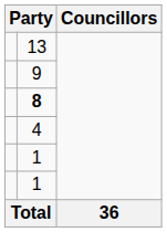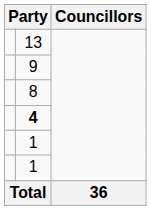 <table class="wikitable">
 <tr>
 <th colspan=2>Party</th>
 <th>Councillors</th>
 </tr>
 <tr>
 <td></td>
 <td align=center>13</td>
 </tr>
 <tr>
 <td></td>
 <td align=center>9</td>
 </tr>
 <tr>
 <td></td>
-<td align=center><strong>8</strong></td>
+<td align=center>8</td>
 </tr>
 <tr>
 <td></td>
-<td align=center>4</td>
+<td align=center><strong>4</strong></td>
 </tr>
 <tr>
 <td></td>
 <td align=center>1</td>
 </tr>
 <tr>
 <td></td>
 <td align=center>1</td>
 </tr>
 <tr>
 <th colspan=2>Total</th>
 <th align=center>36</th>
 </tr>
 </table>
